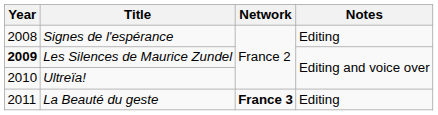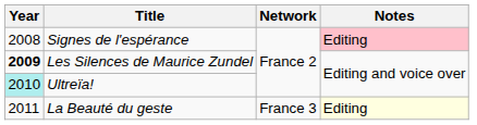 <table class="wikitable">
 <tr>
 <th>Year</th>
 <th>Title</th>
 <th>Network</th>
 <th>Notes</th>
 </tr>
 <tr>
 <td>2008</td>
 <td><em>Signes de l'espérance</em></td>
 <td rowspan="3">France 2</td>
-<td>Editing</td>
+<td style="background: pink;">Editing</td>
 </tr>
 <tr>
 <td><strong>2009</strong></td>
 <td><em>Les Silences de Maurice Zundel</em></td>
 <td rowspan="2">Editing and voice over</td>
 </tr>
 <tr>
-<td>2010</td>
+<td style="background: paleturquoise;">2010</td>
 <td><em>Ultreïa!</em></td>
 </tr>
 <tr>
 <td>2011</td>
 <td><em>La Beauté du geste</em></td>
-<td><strong>France 3</strong></td>
-<td>Editing</td>
+<td>France 3</td>
+<td style="background: lightyellow;">Editing</td>
 </tr>
 </table>
